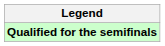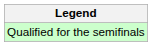 <table class="wikitable">
 <tr>
 <th>Legend</th>
 </tr>
 <tr bgcolor=ccffcc>
-<td><strong>Qualified for the semifinals</strong></td>
+<td>Qualified for the semifinals</td>
 </tr>
 </table>
